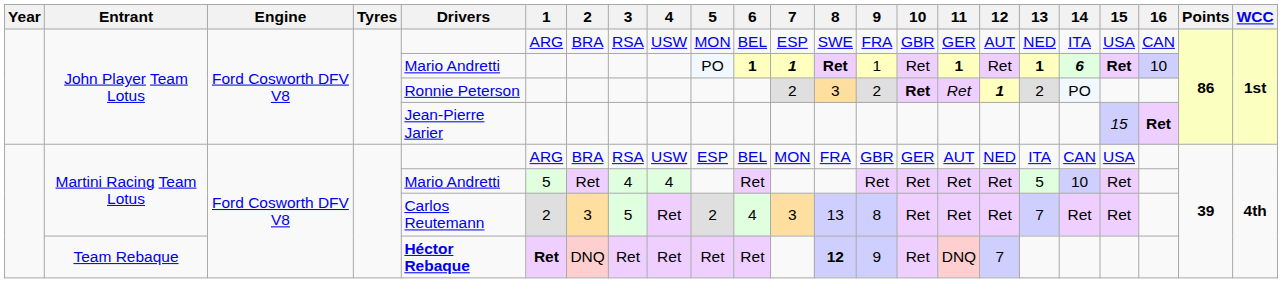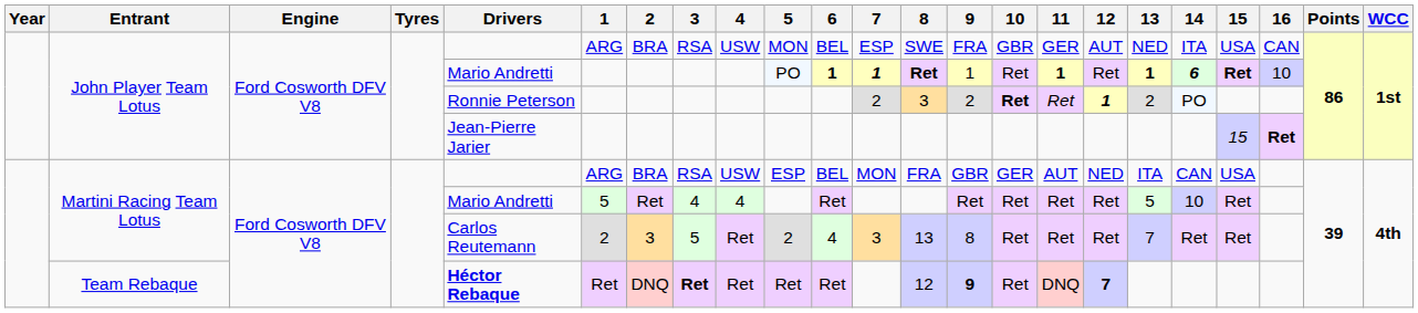 <table class="wikitable" style="text-align:center; font-size:95%">
 <tr>
 <th>Year</th>
 <th>Entrant</th>
 <th>Engine</th>
 <th>Tyres</th>
 <th>Drivers</th>
 <th>1</th>
 <th>2</th>
 <th>3</th>
 <th>4</th>
 <th>5</th>
 <th>6</th>
 <th>7</th>
 <th>8</th>
 <th>9</th>
 <th>10</th>
 <th>11</th>
 <th>12</th>
 <th>13</th>
 <th>14</th>
 <th>15</th>
 <th>16</th>
 <th>Points</th>
 <th><a href='#'>WCC</a></th>
 </tr>
 <tr>
 <td rowspan="4"></td>
 <td rowspan="4"><a href='#'>John Player</a> <a href='#'>Team Lotus</a></td>
 <td rowspan="4"><a href='#'>Ford Cosworth DFV</a> <a href='#'>V8</a></td>
 <td rowspan="4"></td>
 <td></td>
 <td><a href='#'>ARG</a></td>
 <td><a href='#'>BRA</a></td>
 <td><a href='#'>RSA</a></td>
 <td><a href='#'>USW</a></td>
 <td><a href='#'>MON</a></td>
 <td><a href='#'>BEL</a></td>
 <td><a href='#'>ESP</a></td>
 <td><a href='#'>SWE</a></td>
 <td><a href='#'>FRA</a></td>
 <td><a href='#'>GBR</a></td>
 <td><a href='#'>GER</a></td>
 <td><a href='#'>AUT</a></td>
 <td><a href='#'>NED</a></td>
 <td><a href='#'>ITA</a></td>
 <td><a href='#'>USA</a></td>
 <td><a href='#'>CAN</a></td>
 <td rowspan="4" style="background:#FBFFBF;"><strong>86</strong></td>
 <td rowspan="4" style="background:#FBFFBF;"><strong>1st</strong></td>
 </tr>
 <tr>
 <td align="left"><a href='#'>Mario Andretti</a></td>
 <td></td>
 <td></td>
 <td></td>
 <td></td>
 <td style="background:#F1F8FF;">PO</td>
 <td style="background:#FFFFBF;"><strong>1</strong></td>
 <td style="background:#FFFFBF;"><strong><em>1</em></strong></td>
 <td style="background:#EFCFFF;"><strong>Ret</strong></td>
 <td style="background:#FFFFBF;">1</td>
 <td style="background:#EFCFFF;">Ret</td>
 <td style="background:#FFFFBF;"><strong>1</strong></td>
 <td style="background:#EFCFFF;">Ret</td>
 <td style="background:#FFFFBF;"><strong>1</strong></td>
 <td style="background:#DFFFDF;"><strong><em>6</em></strong></td>
 <td style="background:#EFCFFF;"><strong>Ret</strong></td>
 <td style="background:#CFCFFF;">10</td>
 </tr>
 <tr>
 <td align="left"><a href='#'>Ronnie Peterson</a></td>
 <td></td>
 <td></td>
 <td></td>
 <td></td>
 <td></td>
 <td></td>
 <td style="background:#DFDFDF;">2</td>
 <td style="background:#FFDF9F;">3</td>
 <td style="background:#DFDFDF;">2</td>
 <td style="background:#EFCFFF;"><strong>Ret</strong></td>
 <td style="background:#EFCFFF;"><em>Ret</em></td>
 <td style="background:#FFFFBF;"><strong><em>1</em></strong></td>
 <td style="background:#DFDFDF;">2</td>
 <td style="background:#F1F8FF;">PO</td>
 <td></td>
 <td></td>
 </tr>
 <tr>
 <td align="left"><a href='#'>Jean-Pierre Jarier</a></td>
 <td></td>
 <td></td>
 <td></td>
 <td></td>
 <td></td>
 <td></td>
 <td></td>
 <td></td>
 <td></td>
 <td></td>
 <td></td>
 <td></td>
 <td></td>
 <td></td>
 <td style="background:#CFCFFF;"><em>15</em></td>
 <td style="background:#EFCFFF;"><strong>Ret</strong></td>
 </tr>
 <tr>
 <td rowspan="4"></td>
 <td rowspan="3"><a href='#'>Martini Racing</a> <a href='#'>Team Lotus</a></td>
 <td rowspan="4"><a href='#'>Ford Cosworth DFV</a> <a href='#'>V8</a></td>
 <td rowspan="4"></td>
 <td></td>
 <td><a href='#'>ARG</a></td>
 <td><a href='#'>BRA</a></td>
 <td><a href='#'>RSA</a></td>
 <td><a href='#'>USW</a></td>
 <td><a href='#'>ESP</a></td>
 <td><a href='#'>BEL</a></td>
 <td><a href='#'>MON</a></td>
 <td><a href='#'>FRA</a></td>
 <td><a href='#'>GBR</a></td>
 <td><a href='#'>GER</a></td>
 <td><a href='#'>AUT</a></td>
 <td><a href='#'>NED</a></td>
 <td><a href='#'>ITA</a></td>
 <td><a href='#'>CAN</a></td>
 <td><a href='#'>USA</a></td>
 <td></td>
 <td rowspan="4"><strong>39</strong></td>
 <td rowspan="4"><strong>4th</strong></td>
 </tr>
 <tr>
 <td align="left"><a href='#'>Mario Andretti</a></td>
 <td style="background:#DFFFDF;">5</td>
 <td style="background:#EFCFFF;">Ret</td>
 <td style="background:#DFFFDF;">4</td>
 <td style="background:#DFFFDF;">4</td>
 <td></td>
 <td style="background:#EFCFFF;">Ret</td>
 <td></td>
 <td></td>
 <td style="background:#EFCFFF;">Ret</td>
 <td style="background:#EFCFFF;">Ret</td>
 <td style="background:#EFCFFF;">Ret</td>
 <td style="background:#EFCFFF;">Ret</td>
 <td style="background:#DFFFDF;">5</td>
 <td style="background:#CFCFFF;">10</td>
 <td style="background:#EFCFFF;">Ret</td>
 <td></td>
 </tr>
 <tr>
 <td align="left"><a href='#'>Carlos Reutemann</a></td>
 <td style="background:#DFDFDF;">2</td>
 <td style="background:#FFDF9F;">3</td>
 <td style="background:#DFFFDF;">5</td>
 <td style="background:#EFCFFF;">Ret</td>
 <td style="background:#DFDFDF;">2</td>
 <td style="background:#DFFFDF;">4</td>
 <td style="background:#FFDF9F;">3</td>
 <td style="background:#CFCFFF;">13</td>
 <td style="background:#CFCFFF;">8</td>
 <td style="background:#EFCFFF;">Ret</td>
 <td style="background:#EFCFFF;">Ret</td>
 <td style="background:#EFCFFF;">Ret</td>
 <td style="background:#CFCFFF;">7</td>
 <td style="background:#EFCFFF;">Ret</td>
 <td style="background:#EFCFFF;">Ret</td>
 <td></td>
 </tr>
 <tr>
 <td><a href='#'>Team Rebaque</a></td>
 <td align="left"><strong><a href='#'>Héctor Rebaque</a></strong></td>
+<td style="background:#EFCFFF;">Ret</td>
+<td style="background:#FFCFCF;">DNQ</td>
 <td style="background:#EFCFFF;"><strong>Ret</strong></td>
-<td style="background:#FFCFCF;">DNQ</td>
-<td style="background:#EFCFFF;">Ret</td>
 <td style="background:#EFCFFF;">Ret</td>
 <td style="background:#EFCFFF;">Ret</td>
 <td style="background:#EFCFFF;">Ret</td>
 <td></td>
-<td style="background:#CFCFFF;"><strong>12</strong></td>
-<td style="background:#CFCFFF;">9</td>
+<td style="background:#CFCFFF;">12</td>
+<td style="background:#CFCFFF;"><strong>9</strong></td>
 <td style="background:#EFCFFF;">Ret</td>
 <td style="background:#FFCFCF;">DNQ</td>
-<td style="background:#CFCFFF;">7</td>
+<td style="background:#CFCFFF;"><strong>7</strong></td>
 <td></td>
 <td></td>
 <td></td>
 <td></td>
 </tr>
 </table>
